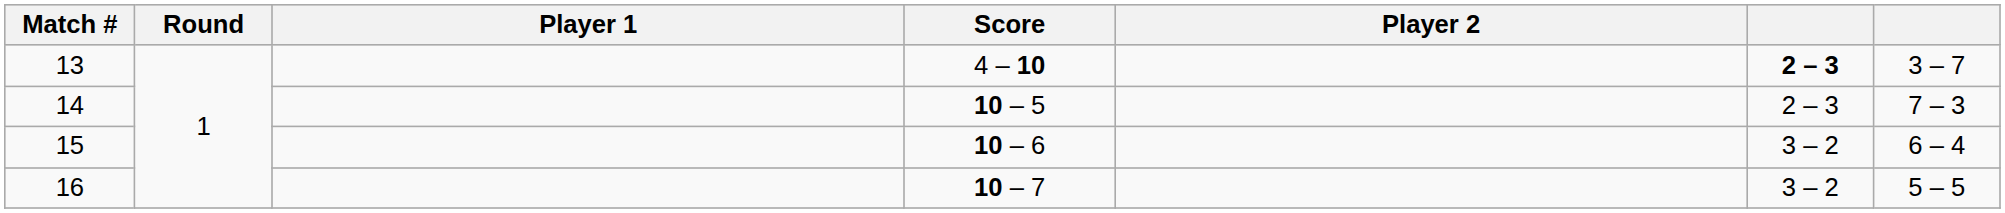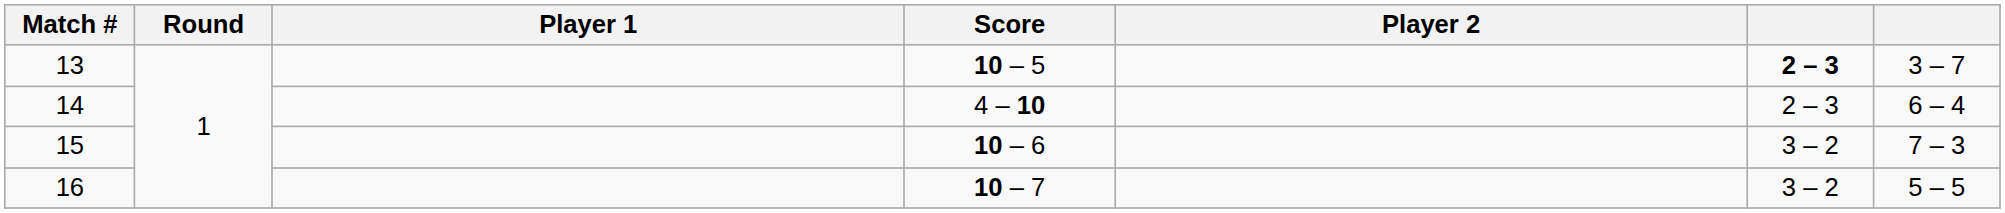 <table class="wikitable">
 <tr>
 <th width="2%">Match #</th>
 <th width="2%">Round</th>
 <th width="15%">Player 1</th>
 <th width="5%">Score</th>
 <th width="15%">Player 2</th>
 <th width="3%"></th>
 <th width="3%"></th>
 </tr>
 <tr style=text-align:center;"background:#;">
 <td>13</td>
 <td rowspan=4>1</td>
 <td></td>
-<td>4 – <strong>10</strong></td>
+<td><strong>10</strong> – 5</td>
 <td></td>
 <td><strong>2 – 3</strong></td>
 <td>3 – 7</td>
 </tr>
 <tr style=text-align:center;"background:#;">
 <td>14</td>
 <td></td>
-<td><strong>10</strong> – 5</td>
+<td>4 – <strong>10</strong></td>
 <td></td>
 <td>2 – 3</td>
-<td>7 – 3</td>
+<td>6 – 4</td>
 </tr>
 <tr style=text-align:center;"background:#;">
 <td>15</td>
 <td></td>
 <td><strong>10</strong> – 6</td>
 <td></td>
 <td>3 – 2</td>
-<td>6 – 4</td>
+<td>7 – 3</td>
 </tr>
 <tr style=text-align:center;"background:#;">
 <td>16</td>
 <td></td>
 <td><strong>10</strong> – 7</td>
 <td></td>
 <td>3 – 2</td>
 <td>5 – 5</td>
 </tr>
 </table>
